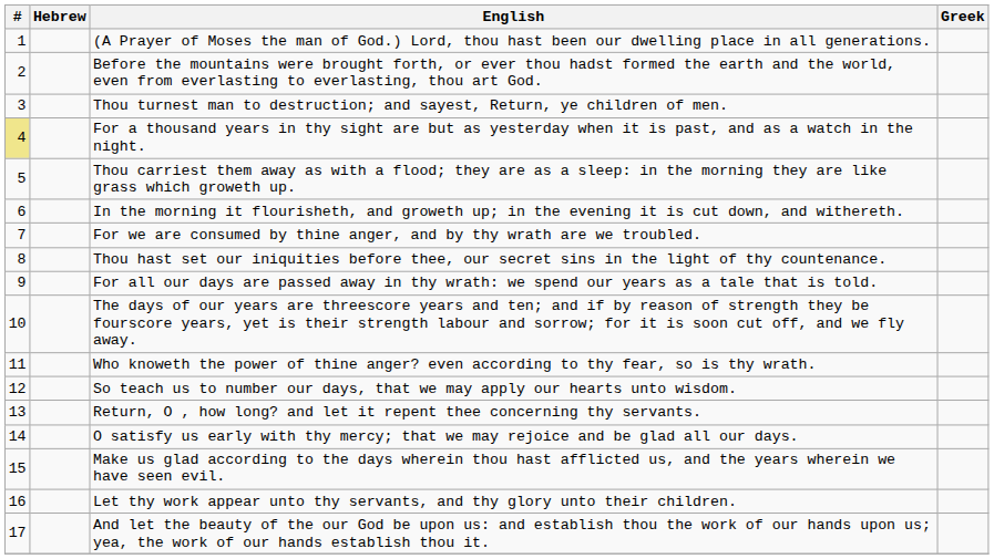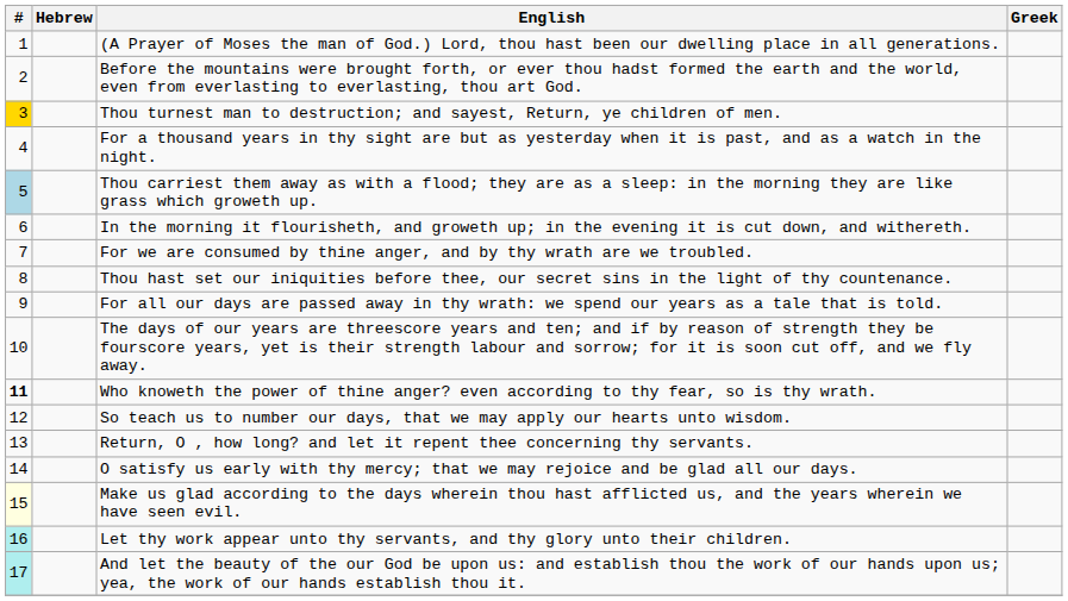 <table class=wikitable>
 <tr>
 <th>#</th>
 <th>Hebrew</th>
 <th>English</th>
 <th>Greek</th>
 </tr>
 <tr>
 <td style="text-align:right">1</td>
 <td style="text-align:right"></td>
 <td>(A Prayer of Moses the man of God.) Lord, thou hast been our dwelling place in all generations.</td>
 <td></td>
 </tr>
 <tr>
 <td style="text-align:right">2</td>
 <td style="text-align:right"></td>
 <td>Before the mountains were brought forth, or ever thou hadst formed the earth and the world, even from everlasting to everlasting, thou art God.</td>
 <td></td>
 </tr>
 <tr>
-<td style="text-align:right">3</td>
+<td style="background: gold; text-align:right">3</td>
 <td style="text-align:right"></td>
 <td>Thou turnest man to destruction; and sayest, Return, ye children of men.</td>
 <td></td>
 </tr>
 <tr>
-<td style="background: khaki; text-align:right">4</td>
+<td style="text-align:right">4</td>
 <td style="text-align:right"></td>
 <td>For a thousand years in thy sight are but as yesterday when it is past, and as a watch in the night.</td>
 <td></td>
 </tr>
 <tr>
-<td style="text-align:right">5</td>
+<td style="background: lightblue; text-align:right">5</td>
 <td style="text-align:right"></td>
 <td>Thou carriest them away as with a flood; they are as a sleep: in the morning they are like grass which groweth up.</td>
 <td></td>
 </tr>
 <tr>
 <td style="text-align:right">6</td>
 <td style="text-align:right"></td>
 <td>In the morning it flourisheth, and groweth up; in the evening it is cut down, and withereth.</td>
 <td></td>
 </tr>
 <tr>
 <td style="text-align:right">7</td>
 <td style="text-align:right"></td>
 <td>For we are consumed by thine anger, and by thy wrath are we troubled.</td>
 <td></td>
 </tr>
 <tr>
 <td style="text-align:right">8</td>
 <td style="text-align:right"></td>
 <td>Thou hast set our iniquities before thee, our secret sins in the light of thy countenance.</td>
 <td></td>
 </tr>
 <tr>
 <td style="text-align:right">9</td>
 <td style="text-align:right"></td>
 <td>For all our days are passed away in thy wrath: we spend our years as a tale that is told.</td>
 <td></td>
 </tr>
 <tr>
 <td style="text-align:right">10</td>
 <td style="text-align:right"></td>
 <td>The days of our years are threescore years and ten; and if by reason of strength they be fourscore years, yet is their strength labour and sorrow; for it is soon cut off, and we fly away.</td>
 <td></td>
 </tr>
 <tr>
-<td style="text-align:right">11</td>
+<td style="text-align:right"><strong>11</strong></td>
 <td style="text-align:right"></td>
 <td>Who knoweth the power of thine anger? even according to thy fear, so is thy wrath.</td>
 <td></td>
 </tr>
 <tr>
 <td style="text-align:right">12</td>
 <td style="text-align:right"></td>
 <td>So teach us to number our days, that we may apply our hearts unto wisdom.</td>
 <td></td>
 </tr>
 <tr>
 <td style="text-align:right">13</td>
 <td style="text-align:right"></td>
 <td>Return, O , how long? and let it repent thee concerning thy servants.</td>
 <td></td>
 </tr>
 <tr>
 <td style="text-align:right">14</td>
 <td style="text-align:right"></td>
 <td>O satisfy us early with thy mercy; that we may rejoice and be glad all our days.</td>
 <td></td>
 </tr>
 <tr>
-<td style="text-align:right">15</td>
+<td style="background: lightyellow; text-align:right">15</td>
 <td style="text-align:right"></td>
 <td>Make us glad according to the days wherein thou hast afflicted us, and the years wherein we have seen evil.</td>
 <td></td>
 </tr>
 <tr>
-<td style="text-align:right">16</td>
+<td style="background: paleturquoise; text-align:right">16</td>
 <td style="text-align:right"></td>
 <td>Let thy work appear unto thy servants, and thy glory unto their children.</td>
 <td></td>
 </tr>
 <tr>
-<td style="text-align:right">17</td>
+<td style="background: paleturquoise; text-align:right">17</td>
 <td style="text-align:right"></td>
 <td>And let the beauty of the  our God be upon us: and establish thou the work of our hands upon us; yea, the work of our hands establish thou it.</td>
 <td></td>
 </tr>
 <tr>
 </tr>
 </table>
